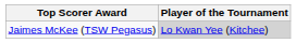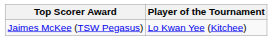 <table class="wikitable" style="margin: 0 auto;">
 <tr>
 <th>Top Scorer Award</th>
 <th>Player of the Tournament</th>
 </tr>
 <tr>
 <td> <a href='#'>Jaimes McKee</a> (<a href='#'>TSW Pegasus</a>)</td>
-<td style="background: lightgrey;"> <a href='#'>Lo Kwan Yee</a> (<a href='#'>Kitchee</a>)</td>
+<td> <a href='#'>Lo Kwan Yee</a> (<a href='#'>Kitchee</a>)</td>
 </tr>
 </table>
